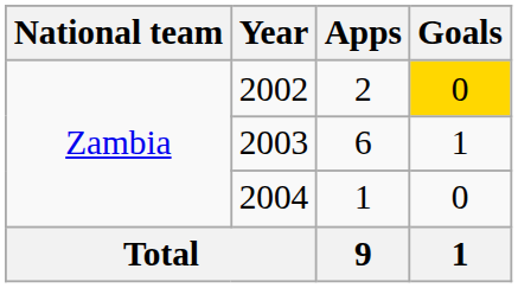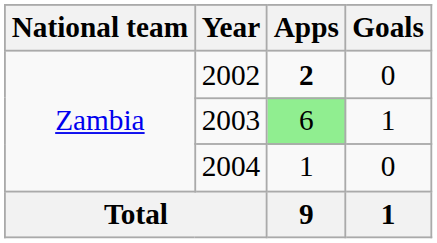 <table class="wikitable" style="text-align:center">
 <tr>
 <th>National team</th>
 <th>Year</th>
 <th>Apps</th>
 <th>Goals</th>
 </tr>
 <tr>
 <td rowspan="3"><a href='#'>Zambia</a></td>
 <td>2002</td>
-<td>2</td>
-<td style="background: gold;">0</td>
+<td><strong>2</strong></td>
+<td>0</td>
 </tr>
 <tr>
 <td>2003</td>
-<td>6</td>
+<td style="background: lightgreen;">6</td>
 <td>1</td>
 </tr>
 <tr>
 <td>2004</td>
 <td>1</td>
 <td>0</td>
 </tr>
 <tr>
 <th colspan=2>Total</th>
 <th>9</th>
 <th>1</th>
 </tr>
 </table>
